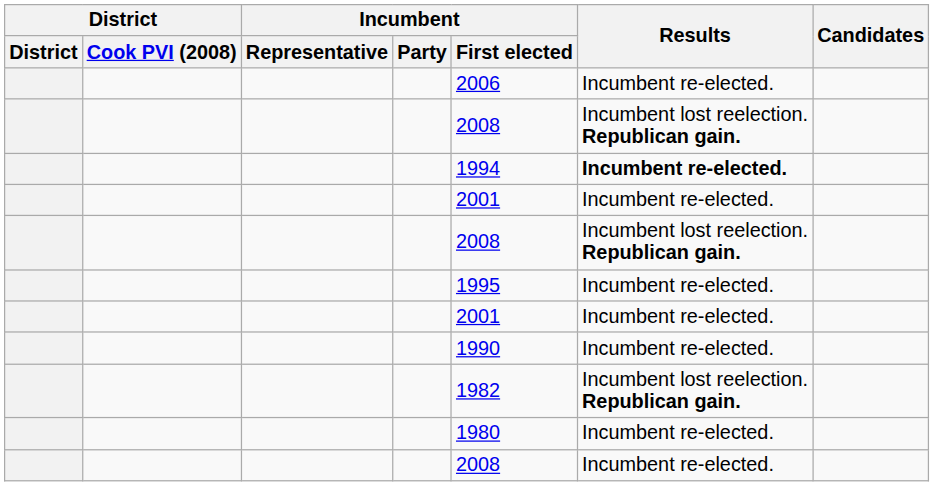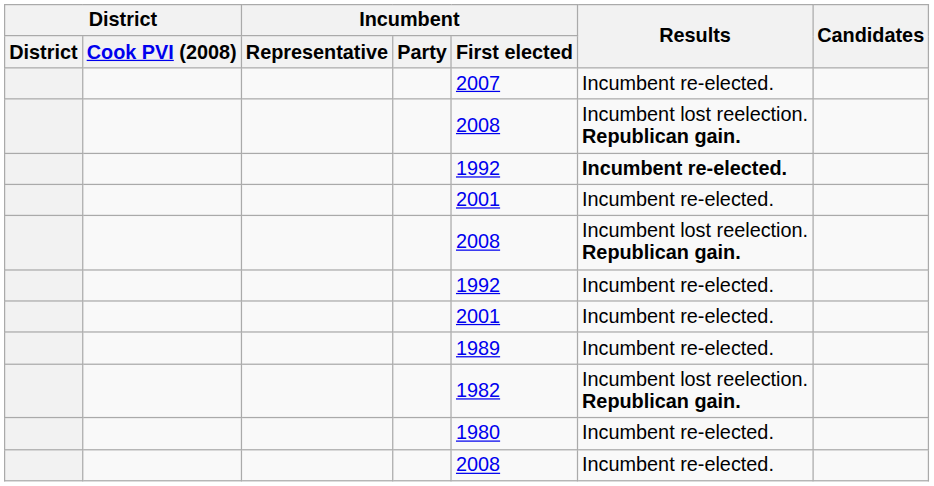 <table class="wikitable sortable">
 <tr>
 <th colspan=2>District</th>
 <th colspan=3>Incumbent</th>
 <th rowspan=2>Results</th>
 <th rowspan=2>Candidates</th>
 </tr>
 <tr valign=bottom>
 <th>District</th>
 <th><a href='#'>Cook PVI</a> (2008)</th>
 <th>Representative</th>
 <th>Party</th>
 <th>First elected</th>
 </tr>
 <tr>
 <th></th>
 <td></td>
 <td></td>
 <td></td>
-<td><a href='#'>2006 </a></td>
+<td><a href='#'>2007 </a></td>
 <td>Incumbent re-elected.</td>
 <td nowrap></td>
 </tr>
 <tr>
 <th></th>
 <td></td>
 <td></td>
 <td></td>
 <td><a href='#'>2008</a></td>
 <td>Incumbent lost reelection.<br><strong>Republican gain.</strong></td>
 <td nowrap></td>
 </tr>
 <tr>
 <th></th>
 <td></td>
 <td></td>
 <td></td>
-<td><a href='#'>1994</a></td>
+<td><a href='#'>1992</a></td>
 <td><strong>Incumbent re-elected.</strong></td>
 <td nowrap></td>
 </tr>
 <tr>
 <th></th>
 <td></td>
 <td></td>
 <td></td>
 <td><a href='#'>2001 </a></td>
 <td>Incumbent re-elected.</td>
 <td nowrap></td>
 </tr>
 <tr>
 <th></th>
 <td></td>
 <td></td>
 <td></td>
 <td><a href='#'>2008</a></td>
 <td>Incumbent lost reelection.<br><strong>Republican gain.</strong></td>
 <td nowrap></td>
 </tr>
 <tr>
 <th></th>
 <td></td>
 <td></td>
 <td></td>
-<td><a href='#'>1995</a></td>
+<td><a href='#'>1992</a></td>
 <td>Incumbent re-elected.</td>
 <td nowrap></td>
 </tr>
 <tr>
 <th></th>
 <td></td>
 <td></td>
 <td></td>
 <td><a href='#'>2001</a></td>
 <td>Incumbent re-elected.</td>
 <td nowrap></td>
 </tr>
 <tr>
 <th></th>
 <td></td>
 <td></td>
 <td></td>
-<td><a href='#'>1990</a></td>
+<td><a href='#'>1989</a></td>
 <td>Incumbent re-elected.</td>
 <td nowrap></td>
 </tr>
 <tr>
 <th></th>
 <td></td>
 <td></td>
 <td></td>
 <td><a href='#'>1982</a></td>
 <td>Incumbent lost reelection.<br><strong>Republican gain.</strong></td>
 <td nowrap></td>
 </tr>
 <tr>
 <th></th>
 <td></td>
 <td></td>
 <td></td>
 <td><a href='#'>1980</a></td>
 <td>Incumbent re-elected.</td>
 <td nowrap></td>
 </tr>
 <tr>
 <th></th>
 <td></td>
 <td></td>
 <td></td>
 <td><a href='#'>2008</a></td>
 <td>Incumbent re-elected.</td>
 <td nowrap><br></td>
 </tr>
 </table>
